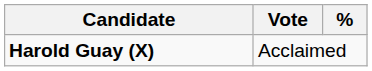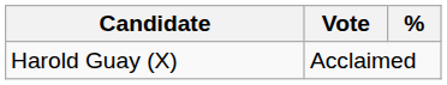 <table class="wikitable">
 <tr>
 <th bgcolor="#DDDDFF" width="200px">Candidate</th>
 <th bgcolor="#DDDDFF" width="50px">Vote</th>
 <th bgcolor="#DDDDFF" width="30px">%</th>
 </tr>
 <tr>
-<td><strong>Harold Guay (X)</strong></td>
+<td>Harold Guay (X)</td>
 <td colspan="2">Acclaimed</td>
 </tr>
 </table>
